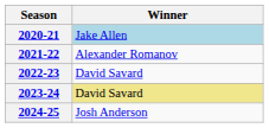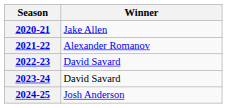 <table class="wikitable">
 <tr>
 <th scope="col" style="width:5em">Season</th>
 <th scope="col" style="width:15em">Winner</th>
 </tr>
 <tr>
 <th scope="row"><a href='#'>2020-21</a></th>
-<td style="background: lightblue;"><a href='#'>Jake Allen</a></td>
+<td><a href='#'>Jake Allen</a></td>
 </tr>
 <tr>
 <th scope="row"><a href='#'>2021-22</a></th>
 <td><a href='#'>Alexander Romanov</a></td>
 </tr>
 <tr>
 <th scope="row"><a href='#'>2022-23</a></th>
 <td><a href='#'>David Savard</a></td>
 </tr>
 <tr>
 <th scope="row"><a href='#'>2023-24</a></th>
-<td style="background: khaki;">David Savard</td>
+<td>David Savard</td>
 </tr>
 <tr>
 <th scope="row"><a href='#'>2024-25</a></th>
 <td><a href='#'>Josh Anderson</a></td>
 </tr>
 </table>
